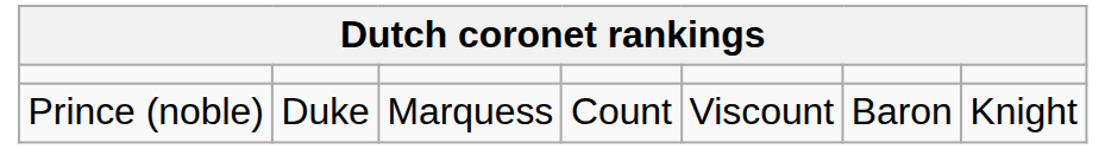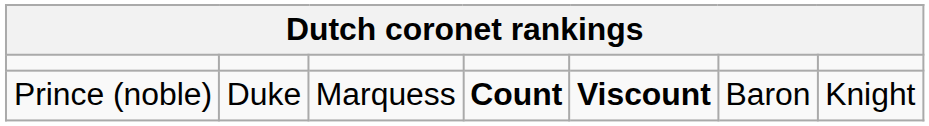 <table class="wikitable" style="margin:1em auto;">
 <tr>
 <th colspan=7>Dutch coronet rankings</th>
 </tr>
 <tr>
 <td align=center></td>
 <td align=center></td>
 <td align=center></td>
 <td align=center></td>
 <td align=center></td>
 <td align=center></td>
 <td align=center></td>
 </tr>
 <tr>
 <td align=center>Prince (noble)</td>
 <td align=center>Duke</td>
 <td align=center>Marquess</td>
-<td align=center>Count</td>
-<td align=center>Viscount</td>
+<td align=center><strong>Count</strong></td>
+<td align=center><strong>Viscount</strong></td>
 <td align=center>Baron</td>
 <td align=center>Knight</td>
 </tr>
 </table>
